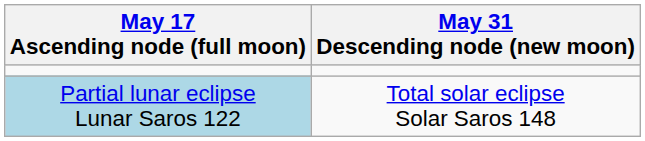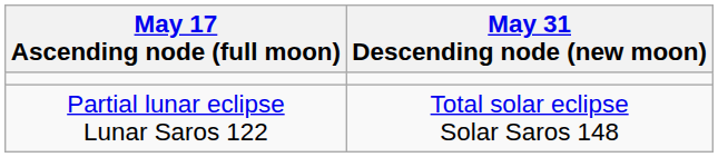 <table class="wikitable">
 <tr>
 <th><a href='#'>May 17</a><br>Ascending node (full moon)<br></th>
 <th><a href='#'>May 31</a><br>Descending node (new moon)<br></th>
 </tr>
 <tr>
 <td></td>
 <td></td>
 </tr>
 <tr align=center>
-<td style="background: lightblue;"><a href='#'>Partial lunar eclipse</a><br>Lunar Saros 122</td>
+<td><a href='#'>Partial lunar eclipse</a><br>Lunar Saros 122</td>
 <td><a href='#'>Total solar eclipse</a><br>Solar Saros 148</td>
 </tr>
 </table>
